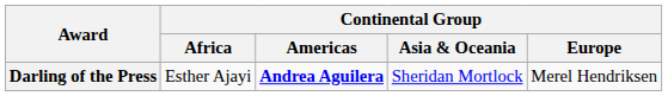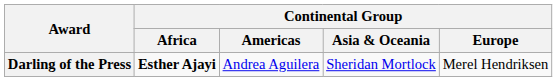 <table class="wikitable" style="font-size: 95%;">
 <tr>
 <th colspan="2" rowspan="2">Award</th>
 <th colspan="4">Continental Group</th>
 </tr>
 <tr>
 <th>Africa</th>
 <th>Americas</th>
 <th>Asia & Oceania</th>
 <th>Europe</th>
 </tr>
 <tr>
 <th colspan="2">Darling of the Press</th>
-<td align="center">Esther Ajayi<br></td>
-<td align="center"><strong><a href='#'>Andrea Aguilera</a><br></strong></td>
+<td align="center"><strong>Esther Ajayi<br></strong></td>
+<td align="center"><a href='#'>Andrea Aguilera</a><br></td>
 <td align="center"><a href='#'>Sheridan Mortlock</a><br></td>
 <td align="center">Merel Hendriksen<br></td>
 </tr>
 </table>
